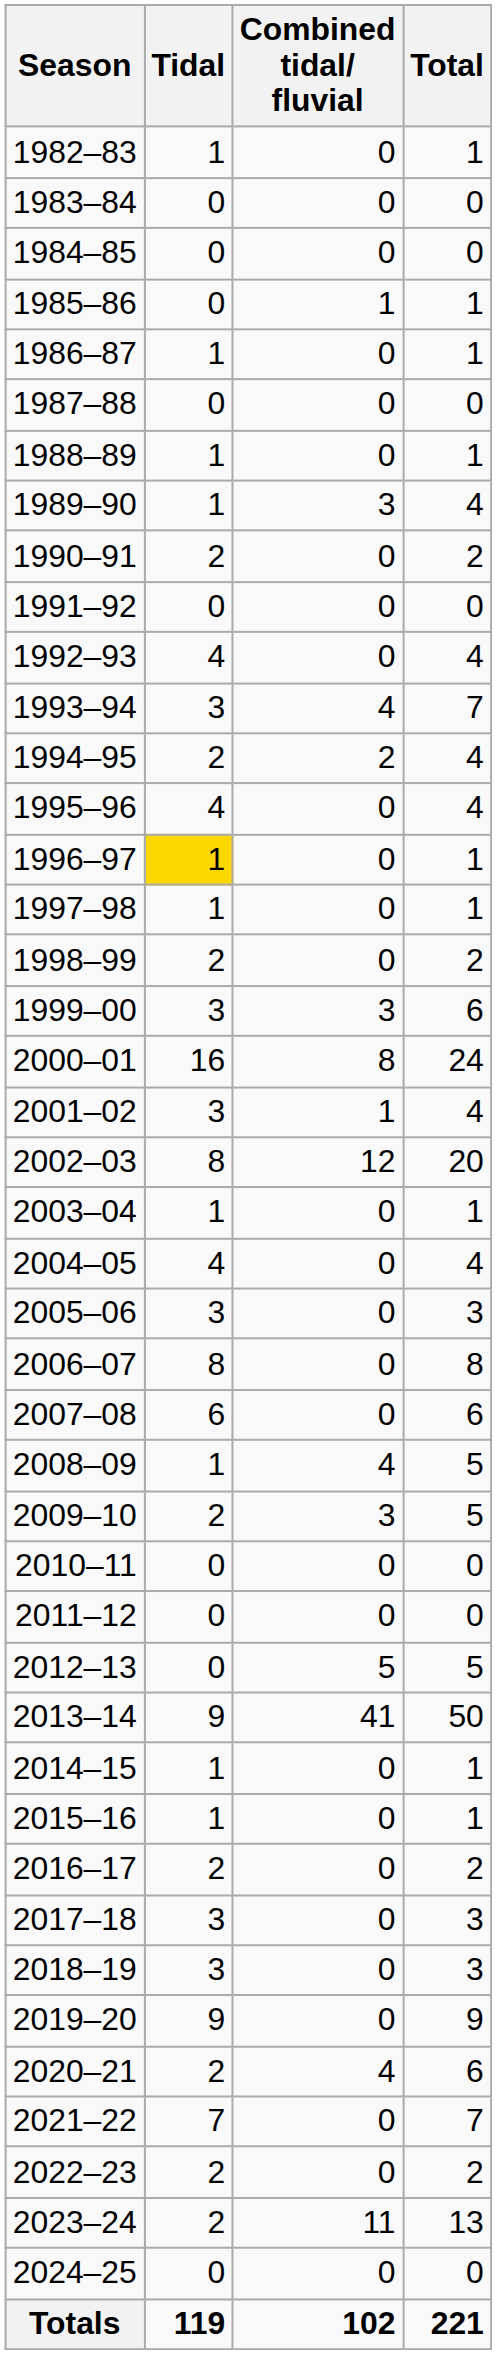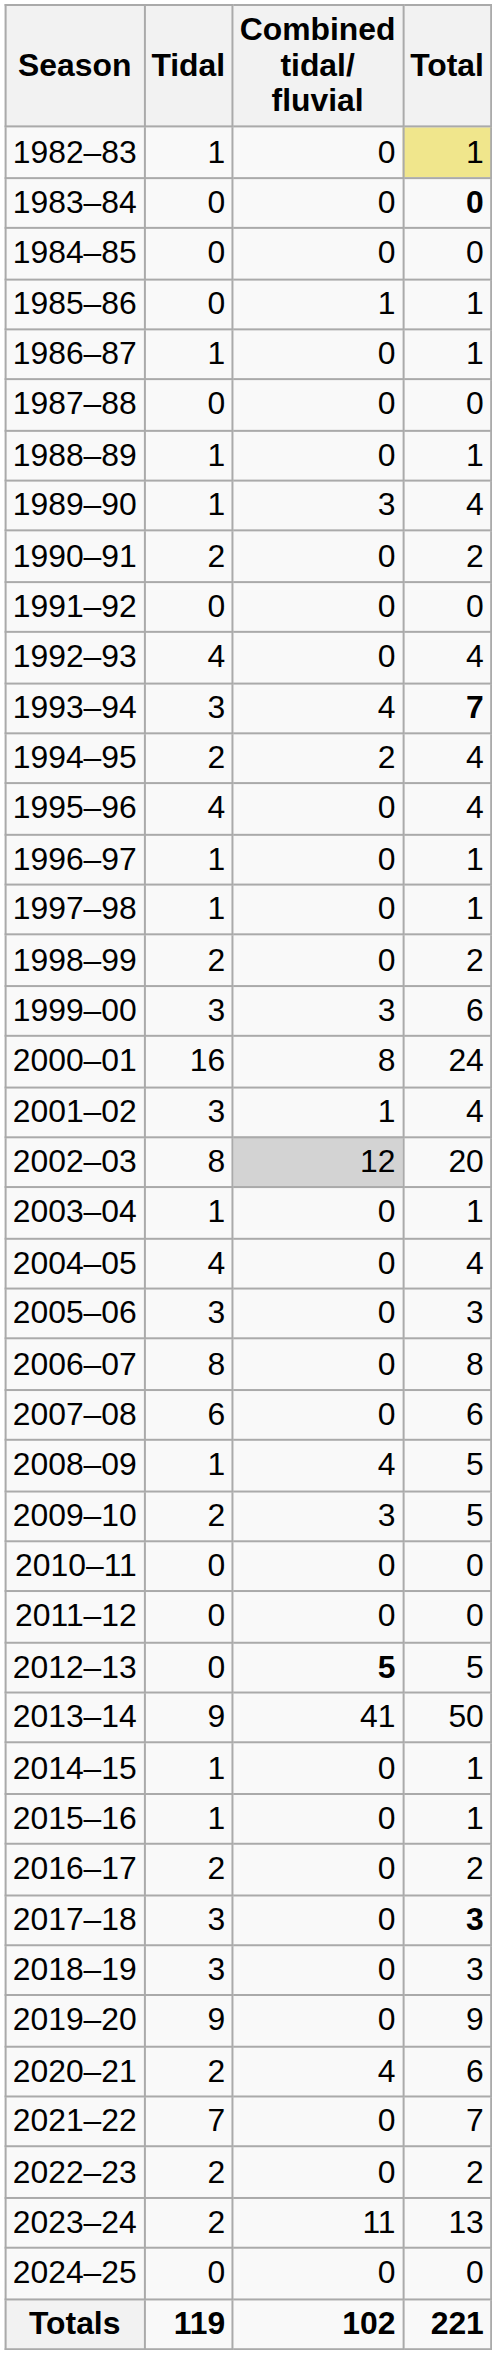 <table class="wikitable sortable" style="text-align:right; float:right; margin:0 0 1em 1em;">
 <tr>
 <th>Season</th>
 <th>Tidal</th>
 <th>Combined <br> tidal/ <br> fluvial</th>
 <th>Total<br></th>
 </tr>
 <tr>
 <td>1982–83</td>
 <td>1</td>
 <td>0</td>
-<td>1</td>
+<td style="background: khaki;">1</td>
 </tr>
 <tr>
 <td>1983–84</td>
 <td>0</td>
 <td>0</td>
-<td>0</td>
+<td><strong>0</strong></td>
 </tr>
 <tr>
 <td>1984–85</td>
 <td>0</td>
 <td>0</td>
 <td>0</td>
 </tr>
 <tr>
 <td>1985–86</td>
 <td>0</td>
 <td>1</td>
 <td>1</td>
 </tr>
 <tr>
 <td>1986–87</td>
 <td>1</td>
 <td>0</td>
 <td>1</td>
 </tr>
 <tr>
 <td>1987–88</td>
 <td>0</td>
 <td>0</td>
 <td>0</td>
 </tr>
 <tr>
 <td>1988–89</td>
 <td>1</td>
 <td>0</td>
 <td>1</td>
 </tr>
 <tr>
 <td>1989–90</td>
 <td>1</td>
 <td>3</td>
 <td>4</td>
 </tr>
 <tr>
 <td>1990–91</td>
 <td>2</td>
 <td>0</td>
 <td>2</td>
 </tr>
 <tr>
 <td>1991–92</td>
 <td>0</td>
 <td>0</td>
 <td>0</td>
 </tr>
 <tr>
 <td>1992–93</td>
 <td>4</td>
 <td>0</td>
 <td>4</td>
 </tr>
 <tr>
 <td>1993–94</td>
 <td>3</td>
 <td>4</td>
-<td>7</td>
+<td><strong>7</strong></td>
 </tr>
 <tr>
 <td>1994–95</td>
 <td>2</td>
 <td>2</td>
 <td>4</td>
 </tr>
 <tr>
 <td>1995–96</td>
 <td>4</td>
 <td>0</td>
 <td>4</td>
 </tr>
 <tr>
 <td>1996–97</td>
-<td style="background: gold;">1</td>
+<td>1</td>
 <td>0</td>
 <td>1</td>
 </tr>
 <tr>
 <td>1997–98</td>
 <td>1</td>
 <td>0</td>
 <td>1</td>
 </tr>
 <tr>
 <td>1998–99</td>
 <td>2</td>
 <td>0</td>
 <td>2</td>
 </tr>
 <tr>
 <td>1999–00</td>
 <td>3</td>
 <td>3</td>
 <td>6</td>
 </tr>
 <tr>
 <td>2000–01</td>
 <td>16</td>
 <td>8</td>
 <td>24</td>
 </tr>
 <tr>
 <td>2001–02</td>
 <td>3</td>
 <td>1</td>
 <td>4</td>
 </tr>
 <tr>
 <td>2002–03</td>
 <td>8</td>
-<td>12</td>
+<td style="background: lightgrey;">12</td>
 <td>20</td>
 </tr>
 <tr>
 <td>2003–04</td>
 <td>1</td>
 <td>0</td>
 <td>1</td>
 </tr>
 <tr>
 <td>2004–05</td>
 <td>4</td>
 <td>0</td>
 <td>4</td>
 </tr>
 <tr>
 <td>2005–06</td>
 <td>3</td>
 <td>0</td>
 <td>3</td>
 </tr>
 <tr>
 <td>2006–07</td>
 <td>8</td>
 <td>0</td>
 <td>8</td>
 </tr>
 <tr>
 <td>2007–08</td>
 <td>6</td>
 <td>0</td>
 <td>6</td>
 </tr>
 <tr>
 <td>2008–09</td>
 <td>1</td>
 <td>4</td>
 <td>5</td>
 </tr>
 <tr>
 <td>2009–10</td>
 <td>2</td>
 <td>3</td>
 <td>5</td>
 </tr>
 <tr>
 <td>2010–11</td>
 <td>0</td>
 <td>0</td>
 <td>0</td>
 </tr>
 <tr>
 <td>2011–12</td>
 <td>0</td>
 <td>0</td>
 <td>0</td>
 </tr>
 <tr>
 <td>2012–13</td>
 <td>0</td>
-<td>5</td>
+<td><strong>5</strong></td>
 <td>5</td>
 </tr>
 <tr>
 <td>2013–14</td>
 <td>9</td>
 <td>41</td>
 <td>50</td>
 </tr>
 <tr>
 <td>2014–15</td>
 <td>1</td>
 <td>0</td>
 <td>1</td>
 </tr>
 <tr>
 <td>2015–16</td>
 <td>1</td>
 <td>0</td>
 <td>1</td>
 </tr>
 <tr>
 <td>2016–17</td>
 <td>2</td>
 <td>0</td>
 <td>2</td>
 </tr>
 <tr>
 <td>2017–18</td>
 <td>3</td>
 <td>0</td>
-<td>3</td>
+<td><strong>3</strong></td>
 </tr>
 <tr>
 <td>2018–19</td>
 <td>3</td>
 <td>0</td>
 <td>3</td>
 </tr>
 <tr>
 <td>2019–20</td>
 <td>9</td>
 <td>0</td>
 <td>9</td>
 </tr>
 <tr>
 <td>2020–21</td>
 <td>2</td>
 <td>4</td>
 <td>6</td>
 </tr>
 <tr>
 <td>2021–22</td>
 <td>7</td>
 <td>0</td>
 <td>7</td>
 </tr>
 <tr>
 <td>2022–23</td>
 <td>2</td>
 <td>0</td>
 <td>2</td>
 </tr>
 <tr>
 <td>2023–24</td>
 <td>2</td>
 <td>11</td>
 <td>13</td>
 </tr>
 <tr>
 <td>2024–25</td>
 <td>0</td>
 <td>0</td>
 <td>0</td>
 </tr>
 <tr>
 <th>Totals</th>
 <td><strong>119</strong></td>
 <td><strong>102</strong></td>
 <td><strong>221</strong></td>
 </tr>
 </table>
